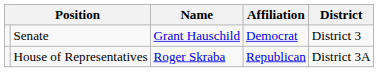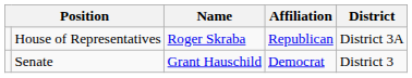 <table class="wikitable">
 <tr>
 <th colspan="2">Position</th>
 <th>Name</th>
 <th>Affiliation</th>
 <th>District</th>
 </tr>
 <tr>
 <td style="background-color:"></td>
+<td>House of Representatives</td>
+<td><a href='#'>Roger Skraba</a></td>
+<td><a href='#'>Republican</a></td>
+<td>District 3A</td>
+</tr>
+<tr>
+<td style="background-color:"></td>
 <td>Senate</td>
 <td><a href='#'>Grant Hauschild</a></td>
 <td><a href='#'>Democrat</a></td>
 <td>District 3</td>
 </tr>
-<tr>
-<td style="background-color:"></td>
-<td>House of Representatives</td>
-<td><a href='#'>Roger Skraba</a></td>
-<td><a href='#'>Republican</a></td>
-<td>District 3A</td>
-</tr>
 </table>
